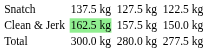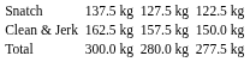 <table>
 <tr>
 <td>Snatch</td>
 <td></td>
 <td>137.5 kg</td>
 <td></td>
 <td>127.5 kg</td>
 <td></td>
 <td>122.5 kg</td>
 </tr>
 <tr>
 <td>Clean & Jerk</td>
 <td></td>
-<td style="background: lightgreen;">162.5 kg</td>
+<td>162.5 kg</td>
 <td></td>
 <td>157.5 kg</td>
 <td></td>
 <td>150.0 kg</td>
 </tr>
 <tr>
 <td>Total</td>
 <td></td>
 <td>300.0 kg</td>
 <td></td>
 <td>280.0 kg</td>
 <td></td>
 <td>277.5 kg</td>
 </tr>
 </table>
